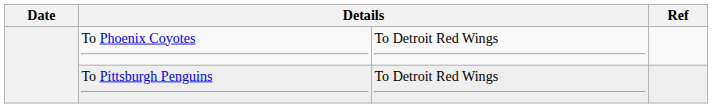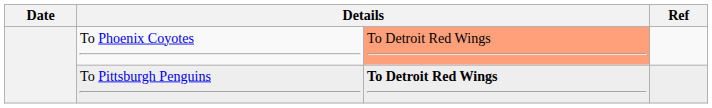 <table class="wikitable plainrowheaders" style="width: 50em;">
 <tr>
 <th scope="col">Date</th>
 <th scope="col" colspan="2">Details</th>
 <th scope="col">Ref</th>
 </tr>
 <tr>
 <th scope="row" rowspan=2></th>
 <td valign="top">To <a href='#'>Phoenix Coyotes</a> <hr></td>
-<td valign="top">To Detroit Red Wings <hr></td>
+<td valign="top" style="background: lightsalmon;">To Detroit Red Wings <hr></td>
 <td></td>
 </tr>
 <tr bgcolor="#eeeeee">
 <td valign="top">To <a href='#'>Pittsburgh Penguins</a> <hr></td>
-<td valign="top">To Detroit Red Wings <hr></td>
+<td valign="top"><strong>To Detroit Red Wings <hr></strong></td>
 <td></td>
 </tr>
 </table>
